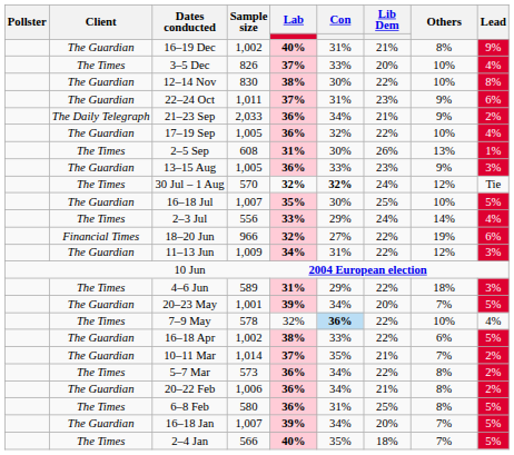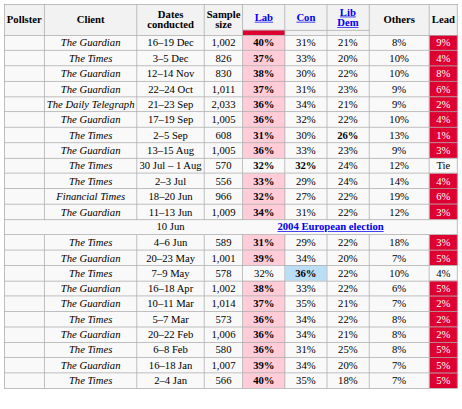 <table class="wikitable sortable mw-datatable" style="text-align:center;font-size:90%;line-height:14px;">
 <tr>
 <th rowspan="2">Pollster</th>
 <th rowspan="2">Client</th>
 <th rowspan="2">Dates<br>conducted</th>
 <th rowspan="2" data-sort-type="number">Sample<br>size</th>
 <th class="unsortable" style="width:50px;"><a href='#'>Lab</a></th>
 <th class="unsortable" style="width:50px;"><a href='#'>Con</a></th>
 <th class="unsortable" style="width:50px;"><a href='#'>Lib Dem</a></th>
 <th rowspan="2" class="unsortable" style="width:75px;">Others</th>
 <th rowspan="2">Lead</th>
 </tr>
 <tr>
 <th data-sort-type="number" style="background:#DE0031;"></th>
 <th data-sort-type="number" style="background:"></th>
 <th data-sort-type="number" style="background:"></th>
 </tr>
 <tr>
 <td></td>
 <td><em>The Guardian</em></td>
 <td>16–19 Dec</td>
 <td>1,002</td>
 <td style="background:#FFCCD7;"><strong>40%</strong></td>
 <td>31%</td>
 <td>21%</td>
 <td>8%</td>
 <td style="background:#DE0031;color:#FFFFFF;">9%</td>
 </tr>
 <tr>
 <td></td>
 <td><em>The Times</em></td>
 <td>3–5 Dec</td>
 <td>826</td>
 <td style="background:#FFCCD7;"><strong>37%</strong></td>
 <td>33%</td>
 <td>20%</td>
 <td>10%</td>
 <td style="background:#DE0031;color:#FFFFFF;">4%</td>
 </tr>
 <tr>
 <td></td>
 <td><em>The Guardian</em></td>
 <td>12–14 Nov</td>
 <td>830</td>
 <td style="background:#FFCCD7;"><strong>38%</strong></td>
 <td>30%</td>
 <td>22%</td>
 <td>10%</td>
 <td style="background:#DE0031;color:#FFFFFF;">8%</td>
 </tr>
 <tr>
 <td></td>
 <td><em>The Guardian</em></td>
 <td>22–24 Oct</td>
 <td>1,011</td>
 <td style="background:#FFCCD7;"><strong>37%</strong></td>
 <td>31%</td>
 <td>23%</td>
 <td>9%</td>
 <td style="background:#DE0031;color:#FFFFFF;">6%</td>
 </tr>
 <tr>
 <td></td>
 <td><em>The Daily Telegraph</em></td>
 <td>21–23 Sep</td>
 <td>2,033</td>
 <td style="background:#FFCCD7;"><strong>36%</strong></td>
 <td>34%</td>
 <td>21%</td>
 <td>9%</td>
 <td style="background:#DE0031;color:#FFFFFF;">2%</td>
 </tr>
 <tr>
 <td></td>
 <td><em>The Guardian</em></td>
 <td>17–19 Sep</td>
 <td>1,005</td>
 <td style="background:#FFCCD7;"><strong>36%</strong></td>
 <td>32%</td>
 <td>22%</td>
 <td>10%</td>
 <td style="background:#DE0031;color:#FFFFFF;">4%</td>
 </tr>
 <tr>
 <td></td>
 <td><em>The Times</em></td>
 <td>2–5 Sep</td>
 <td>608</td>
 <td style="background:#FFCCD7;"><strong>31%</strong></td>
 <td>30%</td>
-<td>26%</td>
+<td><strong>26%</strong></td>
 <td>13%</td>
 <td style="background:#DE0031;color:#FFFFFF;">1%</td>
 </tr>
 <tr>
 <td></td>
 <td><em>The Guardian</em></td>
 <td>13–15 Aug</td>
 <td>1,005</td>
 <td style="background:#FFCCD7;"><strong>36%</strong></td>
 <td>33%</td>
 <td>23%</td>
 <td>9%</td>
 <td style="background:#DE0031;color:#FFFFFF;">3%</td>
 </tr>
 <tr>
 <td></td>
 <td><em>The Times</em></td>
 <td>30 Jul – 1 Aug</td>
 <td>570</td>
 <td><strong>32%</strong></td>
 <td><strong>32%</strong></td>
 <td>24%</td>
 <td>12%</td>
 <td>Tie</td>
-</tr>
-<tr>
-<td></td>
-<td><em>The Guardian</em></td>
-<td>16–18 Jul</td>
-<td>1,007</td>
-<td style="background:#FFCCD7;"><strong>35%</strong></td>
-<td>30%</td>
-<td>25%</td>
-<td>10%</td>
-<td style="background:#DE0031;color:#FFFFFF;">5%</td>
 </tr>
 <tr>
 <td></td>
 <td><em>The Times</em></td>
 <td>2–3 Jul</td>
 <td>556</td>
 <td style="background:#FFCCD7;"><strong>33%</strong></td>
 <td>29%</td>
 <td>24%</td>
 <td>14%</td>
 <td style="background:#DE0031;color:#FFFFFF;">4%</td>
 </tr>
 <tr>
 <td></td>
 <td><em>Financial Times</em></td>
 <td>18–20 Jun</td>
 <td>966</td>
 <td style="background:#FFCCD7;"><strong>32%</strong></td>
 <td>27%</td>
 <td>22%</td>
 <td>19%</td>
 <td style="background:#DE0031;color:#FFFFFF;">6%</td>
 </tr>
 <tr>
 <td></td>
 <td><em>The Guardian</em></td>
 <td>11–13 Jun</td>
 <td>1,009</td>
 <td style="background:#FFCCD7;"><strong>34%</strong></td>
 <td>31%</td>
 <td>22%</td>
 <td>12%</td>
 <td style="background:#DE0031;color:#FFFFFF;">3%</td>
 </tr>
 <tr>
 <td style="border-right-style:hidden;"></td>
 <td style="border-right-style:hidden;"></td>
 <td style="border-right-style:hidden;">10 Jun</td>
 <td colspan="6"><strong><a href='#'>2004 European election</a></strong></td>
 </tr>
 <tr>
 <td></td>
 <td><em>The Times</em></td>
 <td>4–6 Jun</td>
 <td>589</td>
 <td style="background:#FFCCD7;"><strong>31%</strong></td>
 <td>29%</td>
 <td>22%</td>
 <td>18%</td>
 <td style="background:#DE0031;color:#FFFFFF;">3%</td>
 </tr>
 <tr>
 <td></td>
 <td><em>The Guardian</em></td>
 <td>20–23 May</td>
 <td>1,001</td>
 <td style="background:#FFCCD7;"><strong>39%</strong></td>
 <td>34%</td>
 <td>20%</td>
 <td>7%</td>
 <td style="background:#DE0031;color:#FFFFFF;">5%</td>
 </tr>
 <tr>
 <td></td>
 <td><em>The Times</em></td>
 <td>7–9 May</td>
 <td>578</td>
 <td>32%</td>
 <td style="background:#BADEF5;"><strong>36%</strong></td>
 <td>22%</td>
 <td>10%</td>
 <td style="background:">4%</td>
 </tr>
 <tr>
 <td></td>
 <td><em>The Guardian</em></td>
 <td>16–18 Apr</td>
 <td>1,002</td>
 <td style="background:#FFCCD7;"><strong>38%</strong></td>
 <td>33%</td>
 <td>22%</td>
 <td>6%</td>
 <td style="background:#DE0031;color:#FFFFFF;">5%</td>
 </tr>
 <tr>
 <td></td>
 <td><em>The Guardian</em></td>
 <td>10–11 Mar</td>
 <td>1,014</td>
 <td style="background:#FFCCD7;"><strong>37%</strong></td>
 <td>35%</td>
 <td>21%</td>
 <td>7%</td>
 <td style="background:#DE0031;color:#FFFFFF;">2%</td>
 </tr>
 <tr>
 <td></td>
 <td><em>The Times</em></td>
 <td>5–7 Mar</td>
 <td>573</td>
 <td style="background:#FFCCD7;"><strong>36%</strong></td>
 <td>34%</td>
 <td>22%</td>
 <td>8%</td>
 <td style="background:#DE0031;color:#FFFFFF;">2%</td>
 </tr>
 <tr>
 <td></td>
 <td><em>The Guardian</em></td>
 <td>20–22 Feb</td>
 <td>1,006</td>
 <td style="background:#FFCCD7;"><strong>36%</strong></td>
 <td>34%</td>
 <td>21%</td>
 <td>8%</td>
 <td style="background:#DE0031;color:#FFFFFF;">2%</td>
 </tr>
 <tr>
 <td></td>
 <td><em>The Times</em></td>
 <td>6–8 Feb</td>
 <td>580</td>
 <td style="background:#FFCCD7;"><strong>36%</strong></td>
 <td>31%</td>
 <td>25%</td>
 <td>8%</td>
 <td style="background:#DE0031;color:#FFFFFF;">5%</td>
 </tr>
 <tr>
 <td></td>
 <td><em>The Guardian</em></td>
 <td>16–18 Jan</td>
 <td>1,007</td>
 <td style="background:#FFCCD7;"><strong>39%</strong></td>
 <td>34%</td>
 <td>20%</td>
 <td>7%</td>
 <td style="background:#DE0031;color:#FFFFFF;">5%</td>
 </tr>
 <tr>
 <td></td>
 <td><em>The Times</em></td>
 <td>2–4 Jan</td>
 <td>566</td>
 <td style="background:#FFCCD7;"><strong>40%</strong></td>
 <td>35%</td>
 <td>18%</td>
 <td>7%</td>
 <td style="background:#DE0031;color:#FFFFFF;">5%</td>
 </tr>
 </table>
